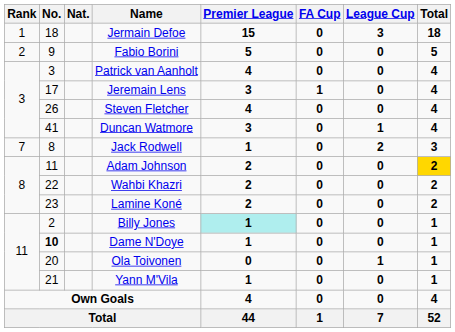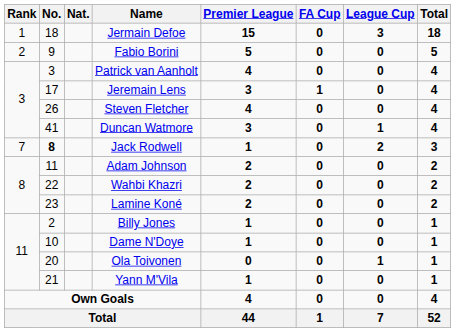 <table class="wikitable sortable" style="text-align: center;">
 <tr>
 <th>Rank</th>
 <th>No.</th>
 <th>Nat.</th>
 <th>Name</th>
 <th><a href='#'>Premier League</a></th>
 <th><a href='#'>FA Cup</a></th>
 <th><a href='#'>League Cup</a></th>
 <th>Total</th>
 </tr>
 <tr>
 <td rowspan=1>1</td>
 <td>18</td>
 <td></td>
 <td><a href='#'>Jermain Defoe</a></td>
 <td><strong>15</strong></td>
 <td><strong>0</strong></td>
 <td><strong>3</strong></td>
 <td><strong>18</strong></td>
 </tr>
 <tr>
 <td rowspan=1>2</td>
 <td>9</td>
 <td></td>
 <td><a href='#'>Fabio Borini</a></td>
 <td><strong>5</strong></td>
 <td><strong>0</strong></td>
 <td><strong>0</strong></td>
 <td><strong>5</strong></td>
 </tr>
 <tr>
 <td rowspan=4>3</td>
 <td>3</td>
 <td></td>
 <td><a href='#'>Patrick van Aanholt</a></td>
 <td><strong>4</strong></td>
 <td><strong>0</strong></td>
 <td><strong>0</strong></td>
 <td><strong>4</strong></td>
 </tr>
 <tr>
 <td>17</td>
 <td></td>
 <td><a href='#'>Jeremain Lens</a></td>
 <td><strong>3</strong></td>
 <td><strong>1</strong></td>
 <td><strong>0</strong></td>
 <td><strong>4</strong></td>
 </tr>
 <tr>
 <td>26</td>
 <td></td>
 <td><a href='#'>Steven Fletcher</a></td>
 <td><strong>4</strong></td>
 <td><strong>0</strong></td>
 <td><strong>0</strong></td>
 <td><strong>4</strong></td>
 </tr>
 <tr>
 <td>41</td>
 <td></td>
 <td><a href='#'>Duncan Watmore</a></td>
 <td><strong>3</strong></td>
 <td><strong>0</strong></td>
 <td><strong>1</strong></td>
 <td><strong>4</strong></td>
 </tr>
 <tr>
 <td rowspan=1>7</td>
-<td>8</td>
+<td><strong>8</strong></td>
 <td></td>
 <td><a href='#'>Jack Rodwell</a></td>
 <td><strong>1</strong></td>
 <td><strong>0</strong></td>
 <td><strong>2</strong></td>
 <td><strong>3</strong></td>
 </tr>
 <tr>
 <td rowspan=3>8</td>
 <td>11</td>
 <td></td>
 <td><a href='#'>Adam Johnson</a></td>
 <td><strong>2</strong></td>
 <td><strong>0</strong></td>
 <td><strong>0</strong></td>
-<td style="background: gold;"><strong>2</strong></td>
+<td><strong>2</strong></td>
 </tr>
 <tr>
 <td>22</td>
 <td></td>
 <td><a href='#'>Wahbi Khazri</a></td>
 <td><strong>2</strong></td>
 <td><strong>0</strong></td>
 <td><strong>0</strong></td>
 <td><strong>2</strong></td>
 </tr>
 <tr>
 <td>23</td>
 <td></td>
 <td><a href='#'>Lamine Koné</a></td>
 <td><strong>2</strong></td>
 <td><strong>0</strong></td>
 <td><strong>0</strong></td>
 <td><strong>2</strong></td>
 </tr>
 <tr>
 <td rowspan=4>11</td>
 <td>2</td>
 <td></td>
 <td><a href='#'>Billy Jones</a></td>
-<td style="background: paleturquoise;"><strong>1</strong></td>
+<td><strong>1</strong></td>
 <td><strong>0</strong></td>
 <td><strong>0</strong></td>
 <td><strong>1</strong></td>
 </tr>
 <tr>
-<td><strong>10</strong></td>
+<td>10</td>
 <td></td>
 <td><a href='#'>Dame N'Doye</a></td>
 <td><strong>1</strong></td>
 <td><strong>0</strong></td>
 <td><strong>0</strong></td>
 <td><strong>1</strong></td>
 </tr>
 <tr>
 <td>20</td>
 <td></td>
 <td><a href='#'>Ola Toivonen</a></td>
 <td><strong>0</strong></td>
 <td><strong>0</strong></td>
 <td><strong>1</strong></td>
 <td><strong>1</strong></td>
 </tr>
 <tr>
 <td>21</td>
 <td></td>
 <td><a href='#'>Yann M'Vila</a></td>
 <td><strong>1</strong></td>
 <td><strong>0</strong></td>
 <td><strong>0</strong></td>
 <td><strong>1</strong></td>
 </tr>
 <tr>
 <td colspan="4"><strong>Own Goals</strong></td>
 <td><strong>4</strong></td>
 <td><strong>0</strong></td>
 <td><strong>0</strong></td>
 <td><strong>4</strong></td>
 </tr>
 <tr>
 <th colspan=4>Total</th>
 <th>44</th>
 <th>1</th>
 <th>7</th>
 <th>52</th>
 </tr>
 </table>
